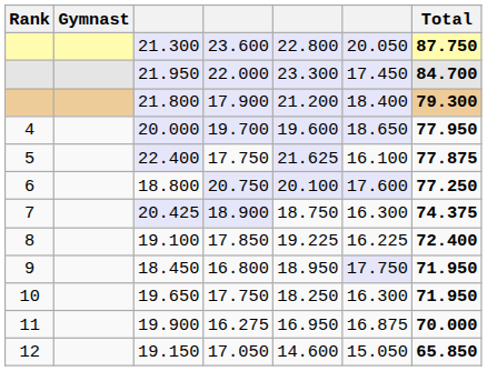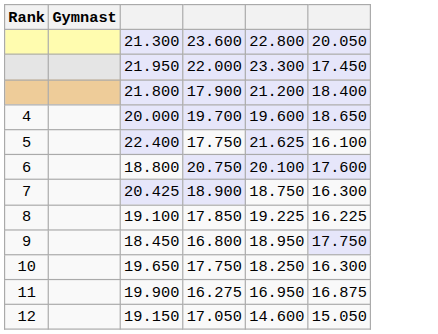 <table class="wikitable sortable" style="text-align:center">
 <tr>
 <th>Rank</th>
 <th>Gymnast</th>
 <th></th>
 <th></th>
 <th></th>
 <th></th>
-<th>Total</th>
 </tr>
 <tr bgcolor=fffcaf>
 <td></td>
 <td align="left"></td>
 <td bgcolor=lavender>21.300</td>
 <td bgcolor=lavender>23.600</td>
 <td bgcolor=lavender>22.800</td>
 <td bgcolor=lavender>20.050</td>
-<td><strong>87.750</strong></td>
 </tr>
 <tr bgcolor=e5e5e5>
 <td></td>
 <td align=left></td>
 <td bgcolor=lavender>21.950</td>
 <td bgcolor=lavender>22.000</td>
 <td bgcolor=lavender>23.300</td>
 <td bgcolor=lavender>17.450</td>
-<td><strong>84.700</strong></td>
 </tr>
 <tr bgcolor=eecc99>
 <td></td>
 <td align=left></td>
 <td bgcolor=lavender>21.800</td>
 <td bgcolor=lavender>17.900</td>
 <td bgcolor=lavender>21.200</td>
 <td bgcolor=lavender>18.400</td>
-<td><strong>79.300</strong></td>
 </tr>
 <tr>
 <td>4</td>
 <td align=left></td>
 <td bgcolor=lavender>20.000</td>
 <td bgcolor=lavender>19.700</td>
 <td bgcolor=lavender>19.600</td>
 <td bgcolor=lavender>18.650</td>
-<td><strong>77.950</strong></td>
 </tr>
 <tr>
 <td>5</td>
 <td align="left"></td>
 <td bgcolor=lavender>22.400</td>
 <td>17.750</td>
 <td bgcolor=lavender>21.625</td>
 <td>16.100</td>
-<td><strong>77.875</strong></td>
 </tr>
 <tr>
 <td>6</td>
 <td align=left></td>
 <td>18.800</td>
 <td bgcolor=lavender>20.750</td>
 <td bgcolor=lavender>20.100</td>
 <td bgcolor=lavender>17.600</td>
-<td><strong>77.250</strong></td>
 </tr>
 <tr>
 <td>7</td>
 <td align=left></td>
 <td bgcolor=lavender>20.425</td>
 <td bgcolor=lavender>18.900</td>
 <td>18.750</td>
 <td>16.300</td>
-<td><strong>74.375</strong></td>
 </tr>
 <tr>
 <td>8</td>
 <td align=left></td>
 <td>19.100</td>
 <td>17.850</td>
 <td>19.225</td>
 <td>16.225</td>
-<td><strong>72.400</strong></td>
 </tr>
 <tr>
 <td>9</td>
 <td align=left></td>
 <td>18.450</td>
 <td>16.800</td>
 <td>18.950</td>
 <td bgcolor=lavender>17.750</td>
-<td><strong>71.950</strong></td>
 </tr>
 <tr>
 <td>10</td>
 <td align=left></td>
 <td>19.650</td>
 <td>17.750</td>
 <td>18.250</td>
 <td>16.300</td>
-<td><strong>71.950</strong></td>
 </tr>
 <tr>
 <td>11</td>
 <td align=left></td>
 <td>19.900</td>
 <td>16.275</td>
 <td>16.950</td>
 <td>16.875</td>
-<td><strong>70.000</strong></td>
 </tr>
 <tr>
 <td>12</td>
 <td align=left></td>
 <td>19.150</td>
 <td>17.050</td>
 <td>14.600</td>
 <td>15.050</td>
-<td><strong>65.850</strong></td>
 </tr>
 </table>
